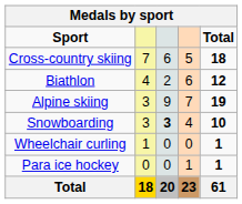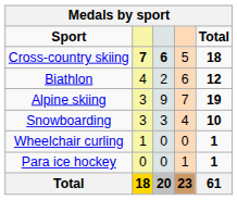 <table class="wikitable" style="font-size:85%; float:right">
 <tr style="background:#efefef;">
 <th colspan=5><strong>Medals by sport</strong></th>
 </tr>
 <tr align=center>
 <td><strong>Sport</strong></td>
 <td bgcolor=#f7f6a8></td>
 <td bgcolor=#dce5e5></td>
 <td bgcolor=#ffdab9></td>
 <td><strong>Total</strong></td>
 </tr>
 <tr align=center>
 <td><a href='#'>Cross-country skiing</a></td>
-<td style="background:#F7F6A8;">7</td>
-<td style="background:#DCE5E5;">6</td>
+<td style="background:#F7F6A8;"><strong>7</strong></td>
+<td style="background:#DCE5E5;"><strong>6</strong></td>
 <td style="background:#FFDAB9;">5</td>
 <td><strong>18</strong></td>
 </tr>
 <tr align=center>
 <td><a href='#'>Biathlon</a></td>
 <td style="background:#F7F6A8;">4</td>
 <td style="background:#DCE5E5;">2</td>
 <td style="background:#FFDAB9;">6</td>
 <td><strong>12</strong></td>
 </tr>
 <tr align=center>
 <td><a href='#'>Alpine skiing</a></td>
 <td style="background:#F7F6A8;">3</td>
 <td style="background:#DCE5E5;">9</td>
 <td style="background:#FFDAB9;">7</td>
 <td><strong>19</strong></td>
 </tr>
 <tr align=center>
 <td><a href='#'>Snowboarding</a></td>
 <td style="background:#F7F6A8;">3</td>
-<td style="background:#DCE5E5;"><strong>3</strong></td>
+<td style="background:#DCE5E5;">3</td>
 <td style="background:#FFDAB9;">4</td>
 <td><strong>10</strong></td>
 </tr>
 <tr align=center>
 <td><a href='#'>Wheelchair curling</a></td>
 <td style="background:#F7F6A8;">1</td>
 <td style="background:#DCE5E5;">0</td>
 <td style="background:#FFDAB9;">0</td>
 <td><strong>1</strong></td>
 </tr>
 <tr align=center>
 <td><a href='#'>Para ice hockey</a></td>
 <td style="background:#F7F6A8;">0</td>
 <td style="background:#DCE5E5;">0</td>
 <td style="background:#FFDAB9;">1</td>
 <td><strong>1</strong></td>
 </tr>
 <tr align=center>
 <th><strong>Total</strong></th>
 <th style="background:gold;"><strong>18</strong></th>
 <th style="background:silver;"><strong>20</strong></th>
 <th style="background:#c96;"><strong>23</strong></th>
 <th><strong>61</strong></th>
 </tr>
 </table>
